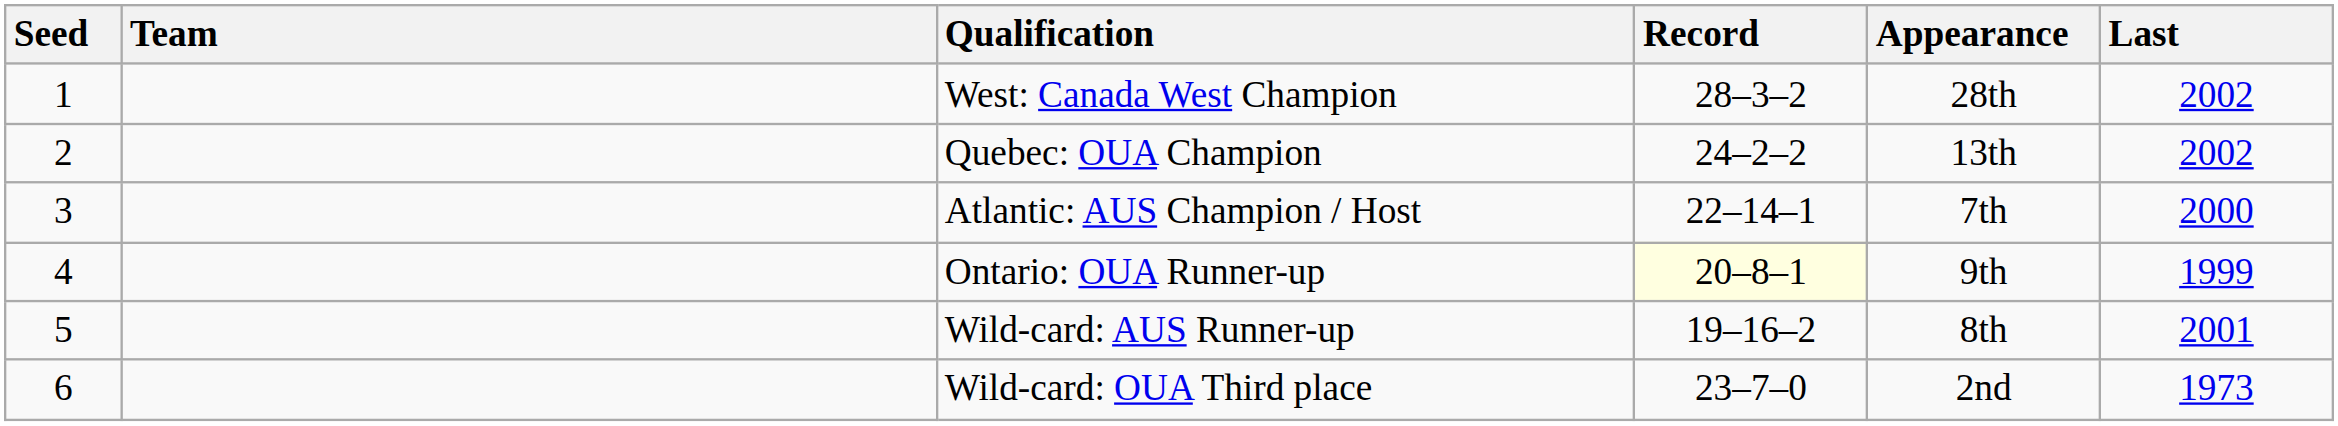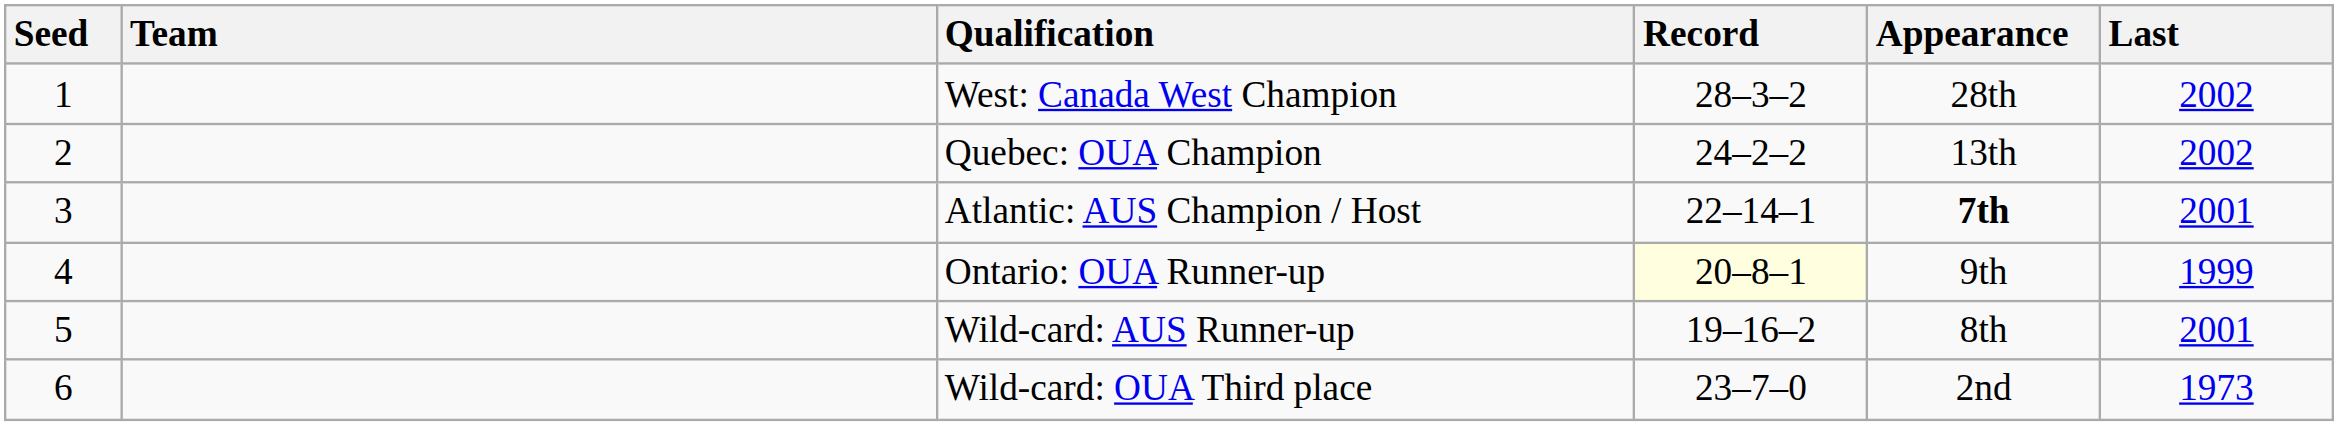 <table class="wikitable sortable" style="text-align: center;" width=1000>
 <tr style="background:#efefef; text-align:center">
 <th style="text-align:left" width=5%>Seed</th>
 <th style="text-align:left" width=35%>Team</th>
 <th style="text-align:left" width=30%>Qualification</th>
 <th style="text-align:left" width=10%>Record</th>
 <th style="text-align:left" width=10%>Appearance</th>
 <th style="text-align:left" width=10%>Last</th>
 </tr>
 <tr style="text-align:center">
 <td style="text-align:center">1</td>
 <td style="text-align:left; "><a href='#'></a></td>
 <td style="text-align:left">West: <a href='#'>Canada West</a> Champion</td>
 <td style="text-align:center">28–3–2</td>
 <td style="text-align:center">28th</td>
 <td style="text-align:center"><a href='#'>2002</a></td>
 </tr>
 <tr style="text-align:center">
 <td style="text-align:center">2</td>
 <td style="text-align:left; "><a href='#'></a></td>
 <td style="text-align:left">Quebec: <a href='#'>OUA</a> Champion</td>
 <td style="text-align:center">24–2–2</td>
 <td style="text-align:center">13th</td>
 <td style="text-align:center"><a href='#'>2002</a></td>
 </tr>
 <tr style="text-align:center">
 <td style="text-align:center">3</td>
 <td style="text-align:left; "><a href='#'></a></td>
 <td style="text-align:left">Atlantic: <a href='#'>AUS</a> Champion / Host</td>
 <td style="text-align:center">22–14–1</td>
-<td style="text-align:center">7th</td>
-<td style="text-align:center"><a href='#'>2000</a></td>
+<td style="text-align:center"><strong>7th</strong></td>
+<td style="text-align:center"><a href='#'>2001</a></td>
 </tr>
 <tr style="text-align:center">
 <td style="text-align:center">4</td>
 <td style="text-align:left; "><a href='#'></a></td>
 <td style="text-align:left">Ontario: <a href='#'>OUA</a> Runner-up</td>
 <td style="background: lightyellow; text-align:center">20–8–1</td>
 <td style="text-align:center">9th</td>
 <td style="text-align:center"><a href='#'>1999</a></td>
 </tr>
 <tr style="text-align:center">
 <td style="text-align:center">5</td>
 <td style="text-align:left; "><a href='#'></a></td>
 <td style="text-align:left">Wild-card: <a href='#'>AUS</a> Runner-up</td>
 <td style="text-align:center">19–16–2</td>
 <td style="text-align:center">8th</td>
 <td style="text-align:center"><a href='#'>2001</a></td>
 </tr>
 <tr style="text-align:center">
 <td style="text-align:center">6</td>
 <td style="text-align:left; "><a href='#'></a></td>
 <td style="text-align:left">Wild-card: <a href='#'>OUA</a> Third place</td>
 <td style="text-align:center">23–7–0</td>
 <td style="text-align:center">2nd</td>
 <td style="text-align:center"><a href='#'>1973</a></td>
 </tr>
 </table>
